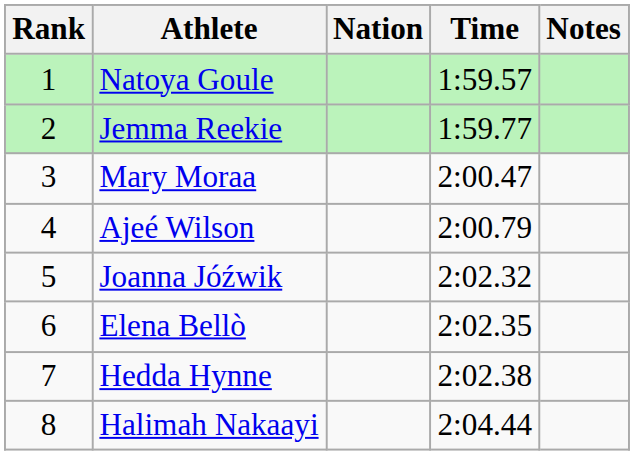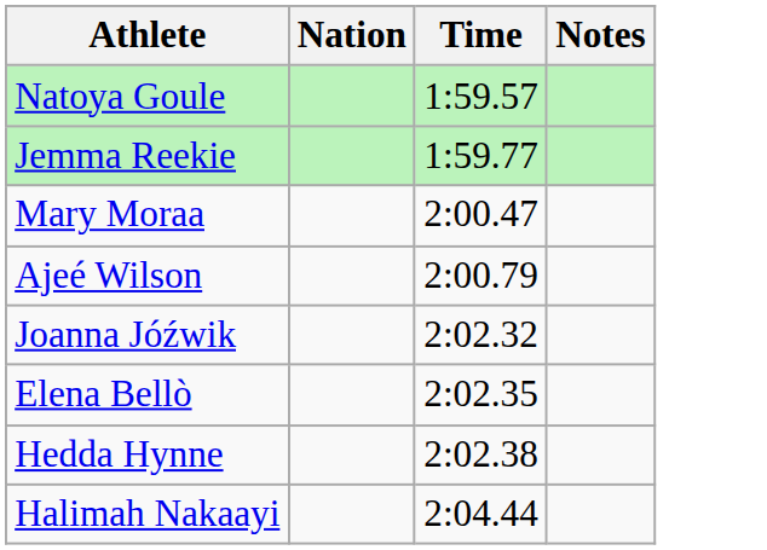 <table class="wikitable sortable" style="text-align:center;">
 <tr>
-<th>Rank</th>
 <th>Athlete</th>
 <th>Nation</th>
 <th>Time</th>
 <th>Notes</th>
 </tr>
 <tr bgcolor=#bbf3bb>
-<td>1</td>
 <td align=left><a href='#'>Natoya Goule</a></td>
 <td align=left></td>
 <td>1:59.57</td>
 <td></td>
 </tr>
 <tr bgcolor=#bbf3bb>
-<td>2</td>
 <td align=left><a href='#'>Jemma Reekie</a></td>
 <td align=left></td>
 <td>1:59.77</td>
 <td></td>
 </tr>
 <tr>
-<td>3</td>
 <td align=left><a href='#'>Mary Moraa</a></td>
 <td align=left></td>
 <td>2:00.47</td>
 <td></td>
 </tr>
 <tr>
-<td>4</td>
 <td align=left><a href='#'>Ajeé Wilson</a></td>
 <td align=left></td>
 <td>2:00.79</td>
 <td></td>
 </tr>
 <tr>
-<td>5</td>
 <td align=left><a href='#'>Joanna Jóźwik</a></td>
 <td align=left></td>
 <td>2:02.32</td>
 <td></td>
 </tr>
 <tr>
-<td>6</td>
 <td align=left><a href='#'>Elena Bellò</a></td>
 <td align=left></td>
 <td>2:02.35</td>
 <td></td>
 </tr>
 <tr>
-<td>7</td>
 <td align=left><a href='#'>Hedda Hynne</a></td>
 <td align=left></td>
 <td>2:02.38</td>
 <td></td>
 </tr>
 <tr>
-<td>8</td>
 <td align=left><a href='#'>Halimah Nakaayi</a></td>
 <td align=left></td>
 <td>2:04.44</td>
 <td></td>
 </tr>
 </table>
